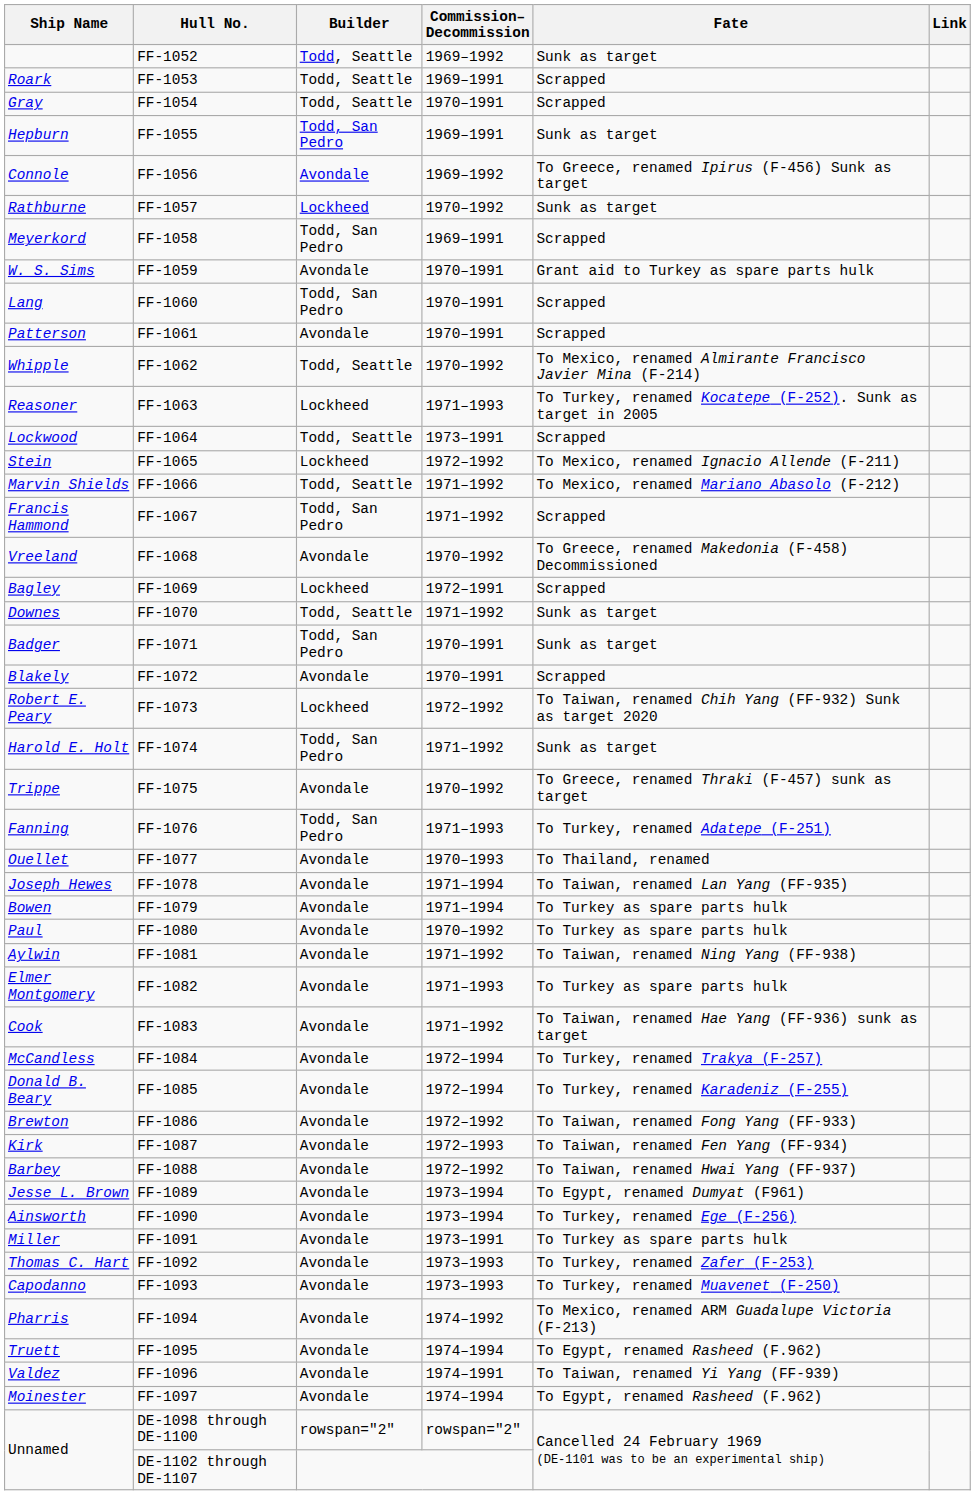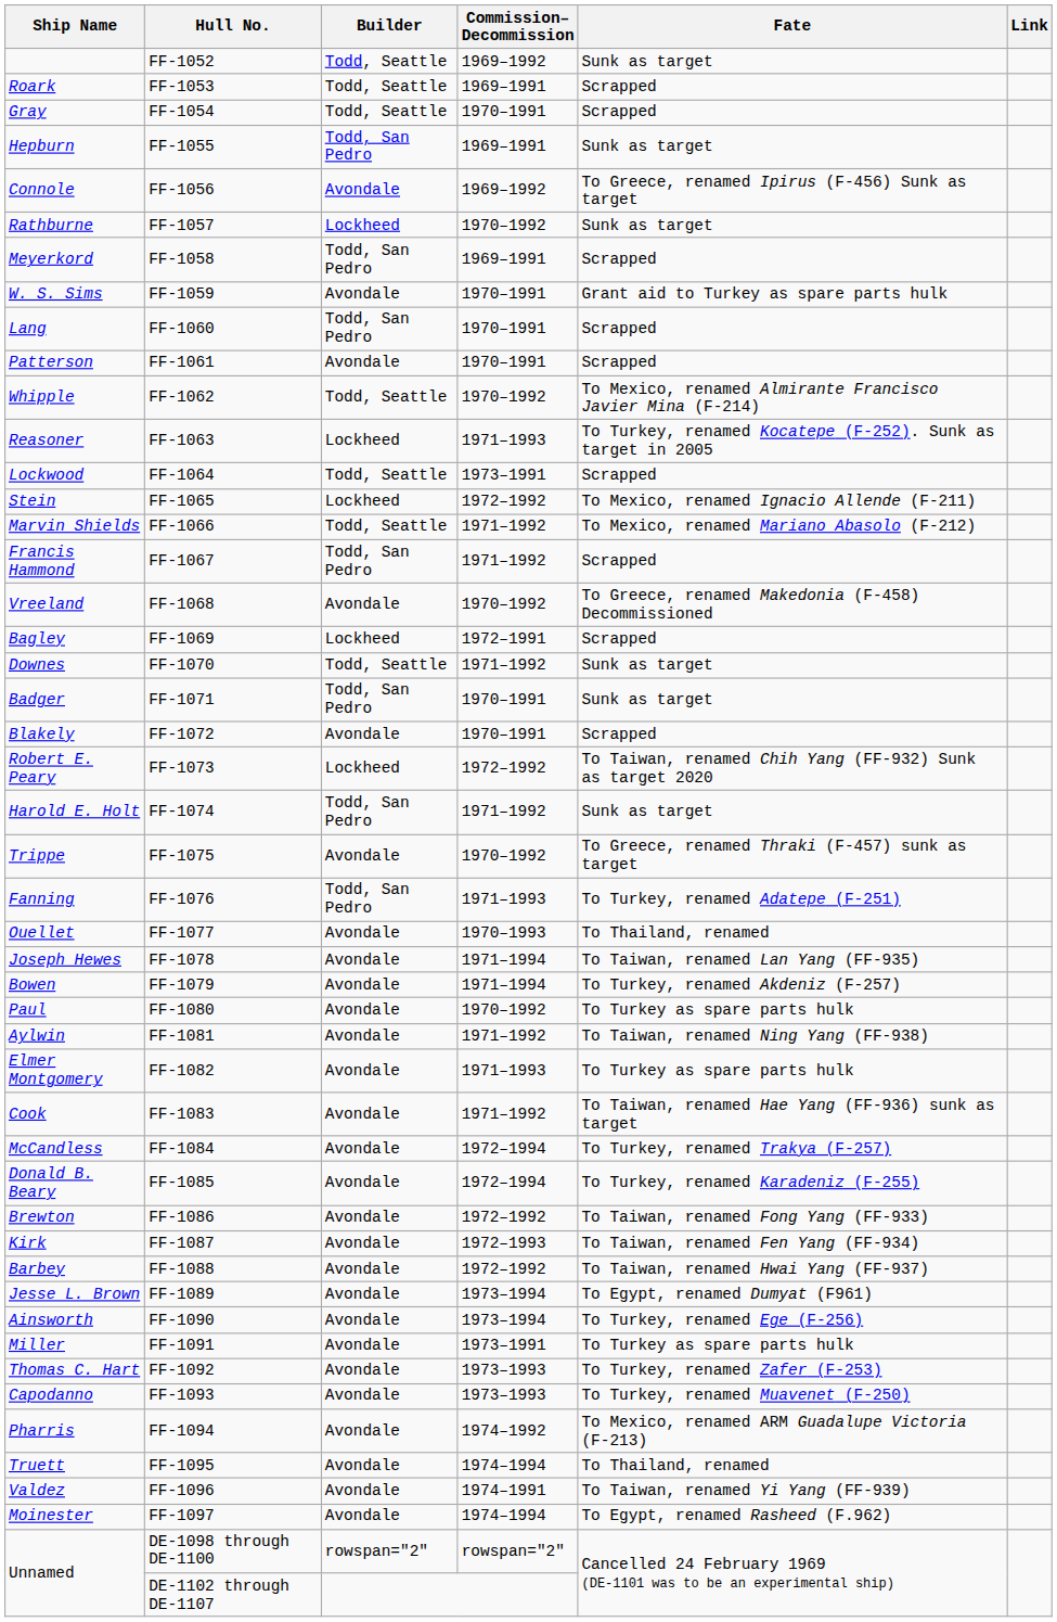 <table class="sortable wikitable">
 <tr>
 <th>Ship Name</th>
 <th>Hull No.</th>
 <th>Builder</th>
 <th>Commission–<br>Decommission</th>
 <th>Fate</th>
 <th>Link</th>
 </tr>
 <tr>
 <td></td>
 <td>FF-1052</td>
 <td><a href='#'>Todd</a>, Seattle</td>
 <td>1969–1992</td>
 <td>Sunk as target</td>
 <td></td>
 </tr>
 <tr>
 <td><a href='#'><em>Roark</em></a></td>
 <td>FF-1053</td>
 <td>Todd, Seattle</td>
 <td>1969–1991</td>
 <td>Scrapped</td>
 <td></td>
 </tr>
 <tr>
 <td><a href='#'><em>Gray</em></a></td>
 <td>FF-1054</td>
 <td>Todd, Seattle</td>
 <td>1970–1991</td>
 <td>Scrapped</td>
 <td></td>
 </tr>
 <tr>
 <td><a href='#'><em>Hepburn</em></a></td>
 <td>FF-1055</td>
 <td><a href='#'>Todd, San Pedro</a></td>
 <td>1969–1991</td>
 <td>Sunk as target</td>
 <td></td>
 </tr>
 <tr>
 <td><a href='#'><em>Connole</em></a></td>
 <td>FF-1056</td>
 <td><a href='#'>Avondale</a></td>
 <td>1969–1992</td>
 <td>To Greece, renamed <em>Ipirus</em> (F-456) Sunk as target</td>
 <td></td>
 </tr>
 <tr>
 <td><a href='#'><em>Rathburne</em></a></td>
 <td>FF-1057</td>
 <td><a href='#'>Lockheed</a></td>
 <td>1970–1992</td>
 <td>Sunk as target</td>
 <td></td>
 </tr>
 <tr>
 <td><a href='#'><em>Meyerkord</em></a></td>
 <td>FF-1058</td>
 <td>Todd, San Pedro</td>
 <td>1969–1991</td>
 <td>Scrapped</td>
 <td></td>
 </tr>
 <tr>
 <td><a href='#'><em>W. S. Sims</em></a></td>
 <td>FF-1059</td>
 <td>Avondale</td>
 <td>1970–1991</td>
 <td>Grant aid to Turkey as spare parts hulk</td>
 <td></td>
 </tr>
 <tr>
 <td><a href='#'><em>Lang</em></a></td>
 <td>FF-1060</td>
 <td>Todd, San Pedro</td>
 <td>1970–1991</td>
 <td>Scrapped</td>
 <td></td>
 </tr>
 <tr>
 <td><a href='#'><em>Patterson</em></a></td>
 <td>FF-1061</td>
 <td>Avondale</td>
 <td>1970–1991</td>
 <td>Scrapped</td>
 <td></td>
 </tr>
 <tr>
 <td><a href='#'><em>Whipple</em></a></td>
 <td>FF-1062</td>
 <td>Todd, Seattle</td>
 <td>1970–1992</td>
 <td>To Mexico, renamed <em>Almirante Francisco Javier Mina</em> (F-214)</td>
 <td></td>
 </tr>
 <tr>
 <td><a href='#'><em>Reasoner</em></a></td>
 <td>FF-1063</td>
 <td>Lockheed</td>
 <td>1971–1993</td>
 <td>To Turkey, renamed <a href='#'><em>Kocatepe</em> (F-252)</a>. Sunk as target in 2005</td>
 <td></td>
 </tr>
 <tr>
 <td><a href='#'><em>Lockwood</em></a></td>
 <td>FF-1064</td>
 <td>Todd, Seattle</td>
 <td>1973–1991</td>
 <td>Scrapped</td>
 <td></td>
 </tr>
 <tr>
 <td><a href='#'><em>Stein</em></a></td>
 <td>FF-1065</td>
 <td>Lockheed</td>
 <td>1972–1992</td>
 <td>To Mexico, renamed <em>Ignacio Allende</em> (F-211)</td>
 <td></td>
 </tr>
 <tr>
 <td><a href='#'><em>Marvin Shields</em></a></td>
 <td>FF-1066</td>
 <td>Todd, Seattle</td>
 <td>1971–1992</td>
 <td>To Mexico, renamed <em><a href='#'>Mariano Abasolo</a></em> (F-212)</td>
 <td></td>
 </tr>
 <tr>
 <td><a href='#'><em>Francis Hammond</em></a></td>
 <td>FF-1067</td>
 <td>Todd, San Pedro</td>
 <td>1971–1992</td>
 <td>Scrapped</td>
 <td></td>
 </tr>
 <tr>
 <td><a href='#'><em>Vreeland</em></a></td>
 <td>FF-1068</td>
 <td>Avondale</td>
 <td>1970–1992</td>
 <td>To Greece, renamed <em>Makedonia</em> (F-458) Decommissioned</td>
 <td></td>
 </tr>
 <tr>
 <td><a href='#'><em>Bagley</em></a></td>
 <td>FF-1069</td>
 <td>Lockheed</td>
 <td>1972–1991</td>
 <td>Scrapped</td>
 <td></td>
 </tr>
 <tr>
 <td><a href='#'><em>Downes</em></a></td>
 <td>FF-1070</td>
 <td>Todd, Seattle</td>
 <td>1971–1992</td>
 <td>Sunk as target</td>
 <td></td>
 </tr>
 <tr>
 <td><a href='#'><em>Badger</em></a></td>
 <td>FF-1071</td>
 <td>Todd, San Pedro</td>
 <td>1970–1991</td>
 <td>Sunk as target</td>
 <td></td>
 </tr>
 <tr>
 <td><a href='#'><em>Blakely</em></a></td>
 <td>FF-1072</td>
 <td>Avondale</td>
 <td>1970–1991</td>
 <td>Scrapped</td>
 <td></td>
 </tr>
 <tr>
 <td><a href='#'><em>Robert E. Peary</em></a></td>
 <td>FF-1073</td>
 <td>Lockheed</td>
 <td>1972–1992</td>
 <td>To Taiwan, renamed <em>Chih Yang</em> (FF-932) Sunk as target 2020</td>
 <td></td>
 </tr>
 <tr>
 <td><a href='#'><em>Harold E. Holt</em></a></td>
 <td>FF-1074</td>
 <td>Todd, San Pedro</td>
 <td>1971–1992</td>
 <td>Sunk as target</td>
 <td></td>
 </tr>
 <tr>
 <td><a href='#'><em>Trippe</em></a></td>
 <td>FF-1075</td>
 <td>Avondale</td>
 <td>1970–1992</td>
 <td>To Greece, renamed <em>Thraki</em> (F-457) sunk as target</td>
 <td></td>
 </tr>
 <tr>
 <td><a href='#'><em>Fanning</em></a></td>
 <td>FF-1076</td>
 <td>Todd, San Pedro</td>
 <td>1971–1993</td>
 <td>To Turkey, renamed <a href='#'><em>Adatepe</em> (F-251)</a></td>
 <td></td>
 </tr>
 <tr>
 <td><a href='#'><em>Ouellet</em></a></td>
 <td>FF-1077</td>
 <td>Avondale</td>
 <td>1970–1993</td>
 <td>To Thailand, renamed </td>
 <td></td>
 </tr>
 <tr>
 <td><a href='#'><em>Joseph Hewes</em></a></td>
 <td>FF-1078</td>
 <td>Avondale</td>
 <td>1971–1994</td>
 <td>To Taiwan, renamed <em>Lan Yang</em> (FF-935)</td>
 <td></td>
 </tr>
 <tr>
 <td><a href='#'><em>Bowen</em></a></td>
 <td>FF-1079</td>
 <td>Avondale</td>
 <td>1971–1994</td>
-<td>To Turkey as spare parts hulk</td>
+<td>To Turkey, renamed <em>Akdeniz</em> (F-257)</td>
 <td></td>
 </tr>
 <tr>
 <td><a href='#'><em>Paul</em></a></td>
 <td>FF-1080</td>
 <td>Avondale</td>
 <td>1970–1992</td>
 <td>To Turkey as spare parts hulk</td>
 <td></td>
 </tr>
 <tr>
 <td><a href='#'><em>Aylwin</em></a></td>
 <td>FF-1081</td>
 <td>Avondale</td>
 <td>1971–1992</td>
 <td>To Taiwan, renamed <em>Ning Yang</em> (FF-938)</td>
 <td></td>
 </tr>
 <tr>
 <td><a href='#'><em>Elmer Montgomery</em></a></td>
 <td>FF-1082</td>
 <td>Avondale</td>
 <td>1971–1993</td>
 <td>To Turkey as spare parts hulk</td>
 <td></td>
 </tr>
 <tr>
 <td><a href='#'><em>Cook</em></a></td>
 <td>FF-1083</td>
 <td>Avondale</td>
 <td>1971–1992</td>
 <td>To Taiwan, renamed <em>Hae Yang</em> (FF-936) sunk as target</td>
 <td></td>
 </tr>
 <tr>
 <td><a href='#'><em>McCandless</em></a></td>
 <td>FF-1084</td>
 <td>Avondale</td>
 <td>1972–1994</td>
 <td>To Turkey, renamed <a href='#'><em>Trakya</em> (F-257)</a></td>
 <td></td>
 </tr>
 <tr>
 <td><a href='#'><em>Donald B. Beary</em></a></td>
 <td>FF-1085</td>
 <td>Avondale</td>
 <td>1972–1994</td>
 <td>To Turkey, renamed <a href='#'><em>Karadeniz</em> (F-255)</a></td>
 <td></td>
 </tr>
 <tr>
 <td><a href='#'><em>Brewton</em></a></td>
 <td>FF-1086</td>
 <td>Avondale</td>
 <td>1972–1992</td>
 <td>To Taiwan, renamed <em>Fong Yang</em> (FF-933)</td>
 <td></td>
 </tr>
 <tr>
 <td><a href='#'><em>Kirk</em></a></td>
 <td>FF-1087</td>
 <td>Avondale</td>
 <td>1972–1993</td>
 <td>To Taiwan, renamed <em>Fen Yang </em>(FF-934)</td>
 <td></td>
 </tr>
 <tr>
 <td><a href='#'><em>Barbey</em></a></td>
 <td>FF-1088</td>
 <td>Avondale</td>
 <td>1972–1992</td>
 <td>To Taiwan, renamed <em>Hwai Yang</em> (FF-937)</td>
 <td></td>
 </tr>
 <tr>
 <td><a href='#'><em>Jesse L. Brown</em></a></td>
 <td>FF-1089</td>
 <td>Avondale</td>
 <td>1973–1994</td>
 <td>To Egypt, renamed <em>Dumyat</em> (F961)</td>
 <td></td>
 </tr>
 <tr>
 <td><a href='#'><em>Ainsworth</em></a></td>
 <td>FF-1090</td>
 <td>Avondale</td>
 <td>1973–1994</td>
 <td>To Turkey, renamed <a href='#'><em>Ege</em> (F-256)</a></td>
 <td></td>
 </tr>
 <tr>
 <td><a href='#'><em>Miller</em></a></td>
 <td>FF-1091</td>
 <td>Avondale</td>
 <td>1973–1991</td>
 <td>To Turkey as spare parts hulk</td>
 <td></td>
 </tr>
 <tr>
 <td><a href='#'><em>Thomas C. Hart</em></a></td>
 <td>FF-1092</td>
 <td>Avondale</td>
 <td>1973–1993</td>
 <td>To Turkey, renamed <a href='#'><em>Zafer</em> (F-253)</a></td>
 <td></td>
 </tr>
 <tr>
 <td><a href='#'><em>Capodanno</em></a></td>
 <td>FF-1093</td>
 <td>Avondale</td>
 <td>1973–1993</td>
 <td>To Turkey, renamed <a href='#'><em>Muavenet</em> (F-250)</a></td>
 <td></td>
 </tr>
 <tr>
 <td><a href='#'><em>Pharris</em></a></td>
 <td>FF-1094</td>
 <td>Avondale</td>
 <td>1974–1992</td>
 <td>To Mexico, renamed ARM <em>Guadalupe Victoria</em> (F-213)</td>
 <td></td>
 </tr>
 <tr>
 <td><a href='#'><em>Truett</em></a></td>
 <td>FF-1095</td>
 <td>Avondale</td>
 <td>1974–1994</td>
-<td>To Egypt, renamed <em>Rasheed</em> (F.962)</td>
+<td>To Thailand, renamed </td>
 <td></td>
 </tr>
 <tr>
 <td><a href='#'><em>Valdez</em></a></td>
 <td>FF-1096</td>
 <td>Avondale</td>
 <td>1974–1991</td>
 <td>To Taiwan, renamed <em>Yi Yang</em> (FF-939)</td>
 <td></td>
 </tr>
 <tr>
 <td><a href='#'><em>Moinester</em></a></td>
 <td>FF-1097</td>
 <td>Avondale</td>
 <td>1974–1994</td>
 <td>To Egypt, renamed <em>Rasheed</em> (F.962)</td>
 <td></td>
 </tr>
 <tr>
 <td rowspan="2">Unnamed</td>
 <td>DE-1098 through DE-1100</td>
 <td>rowspan="2" </td>
 <td>rowspan="2" </td>
 <td rowspan="2">Cancelled 24 February 1969<br><small>(DE-1101 was to be an experimental ship)</small></td>
 <td rowspan="2"> </td>
 </tr>
 <tr>
 <td>DE-1102 through DE-1107</td>
 </tr>
 </table>
